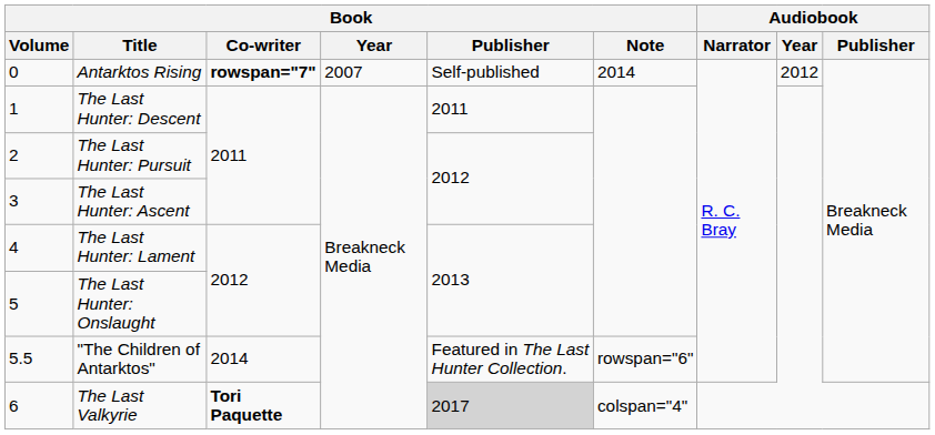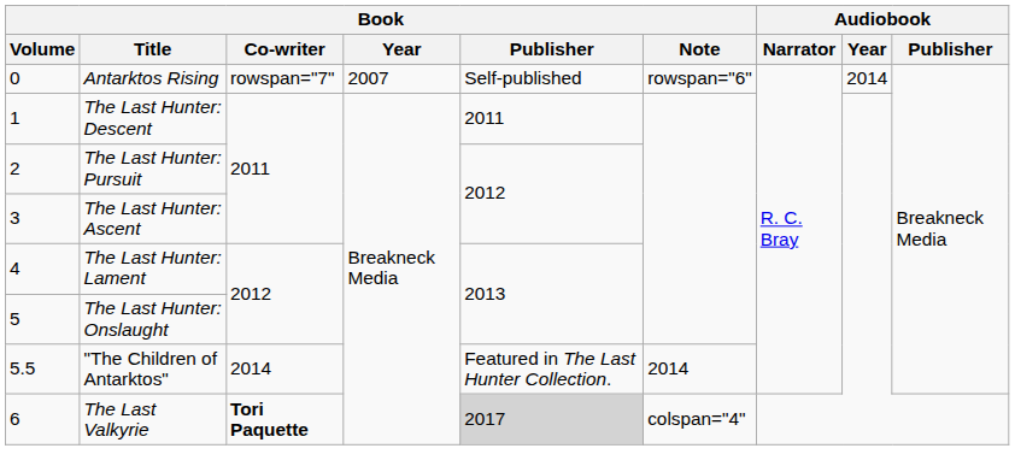 <table class="wikitable">
 <tr>
 <th colspan="6">Book</th>
 <th colspan="3">Audiobook</th>
 </tr>
 <tr>
 <th>Volume</th>
 <th>Title</th>
 <th>Co-writer</th>
 <th>Year</th>
 <th>Publisher</th>
 <th>Note</th>
 <th>Narrator</th>
 <th>Year</th>
 <th>Publisher</th>
 </tr>
 <tr>
 <td>0</td>
 <td><em>Antarktos Rising</em></td>
-<td><strong>rowspan="7" </strong></td>
+<td>rowspan="7" </td>
 <td>2007</td>
 <td>Self-published</td>
+<td>rowspan="6" </td>
+<td rowspan="7"><a href='#'>R. C. Bray</a></td>
 <td>2014</td>
-<td rowspan="7"><a href='#'>R. C. Bray</a></td>
-<td>2012</td>
 <td rowspan="7">Breakneck Media</td>
 </tr>
 <tr>
 <td>1</td>
 <td><em>The Last Hunter: Descent</em></td>
 <td rowspan="3">2011</td>
 <td rowspan="7">Breakneck Media</td>
 <td>2011</td>
 </tr>
 <tr>
 <td>2</td>
 <td><em>The Last Hunter: Pursuit</em></td>
 <td rowspan="2">2012</td>
 </tr>
 <tr>
 <td>3</td>
 <td><em>The Last Hunter: Ascent</em></td>
 </tr>
 <tr>
 <td>4</td>
 <td><em>The Last Hunter: Lament</em></td>
 <td rowspan="2">2012</td>
 <td rowspan="2">2013</td>
 </tr>
 <tr>
 <td>5</td>
 <td><em>The Last Hunter: Onslaught</em></td>
 </tr>
 <tr>
 <td>5.5</td>
 <td>"The Children of Antarktos"</td>
 <td>2014</td>
 <td>Featured in <em>The Last Hunter Collection</em>.</td>
-<td>rowspan="6" </td>
+<td>2014</td>
 </tr>
 <tr>
 <td>6</td>
 <td><em>The Last Valkyrie</em></td>
 <td><strong>Tori Paquette</strong></td>
 <td style="background: lightgrey;">2017</td>
 <td>colspan="4" </td>
 </tr>
 </table>
